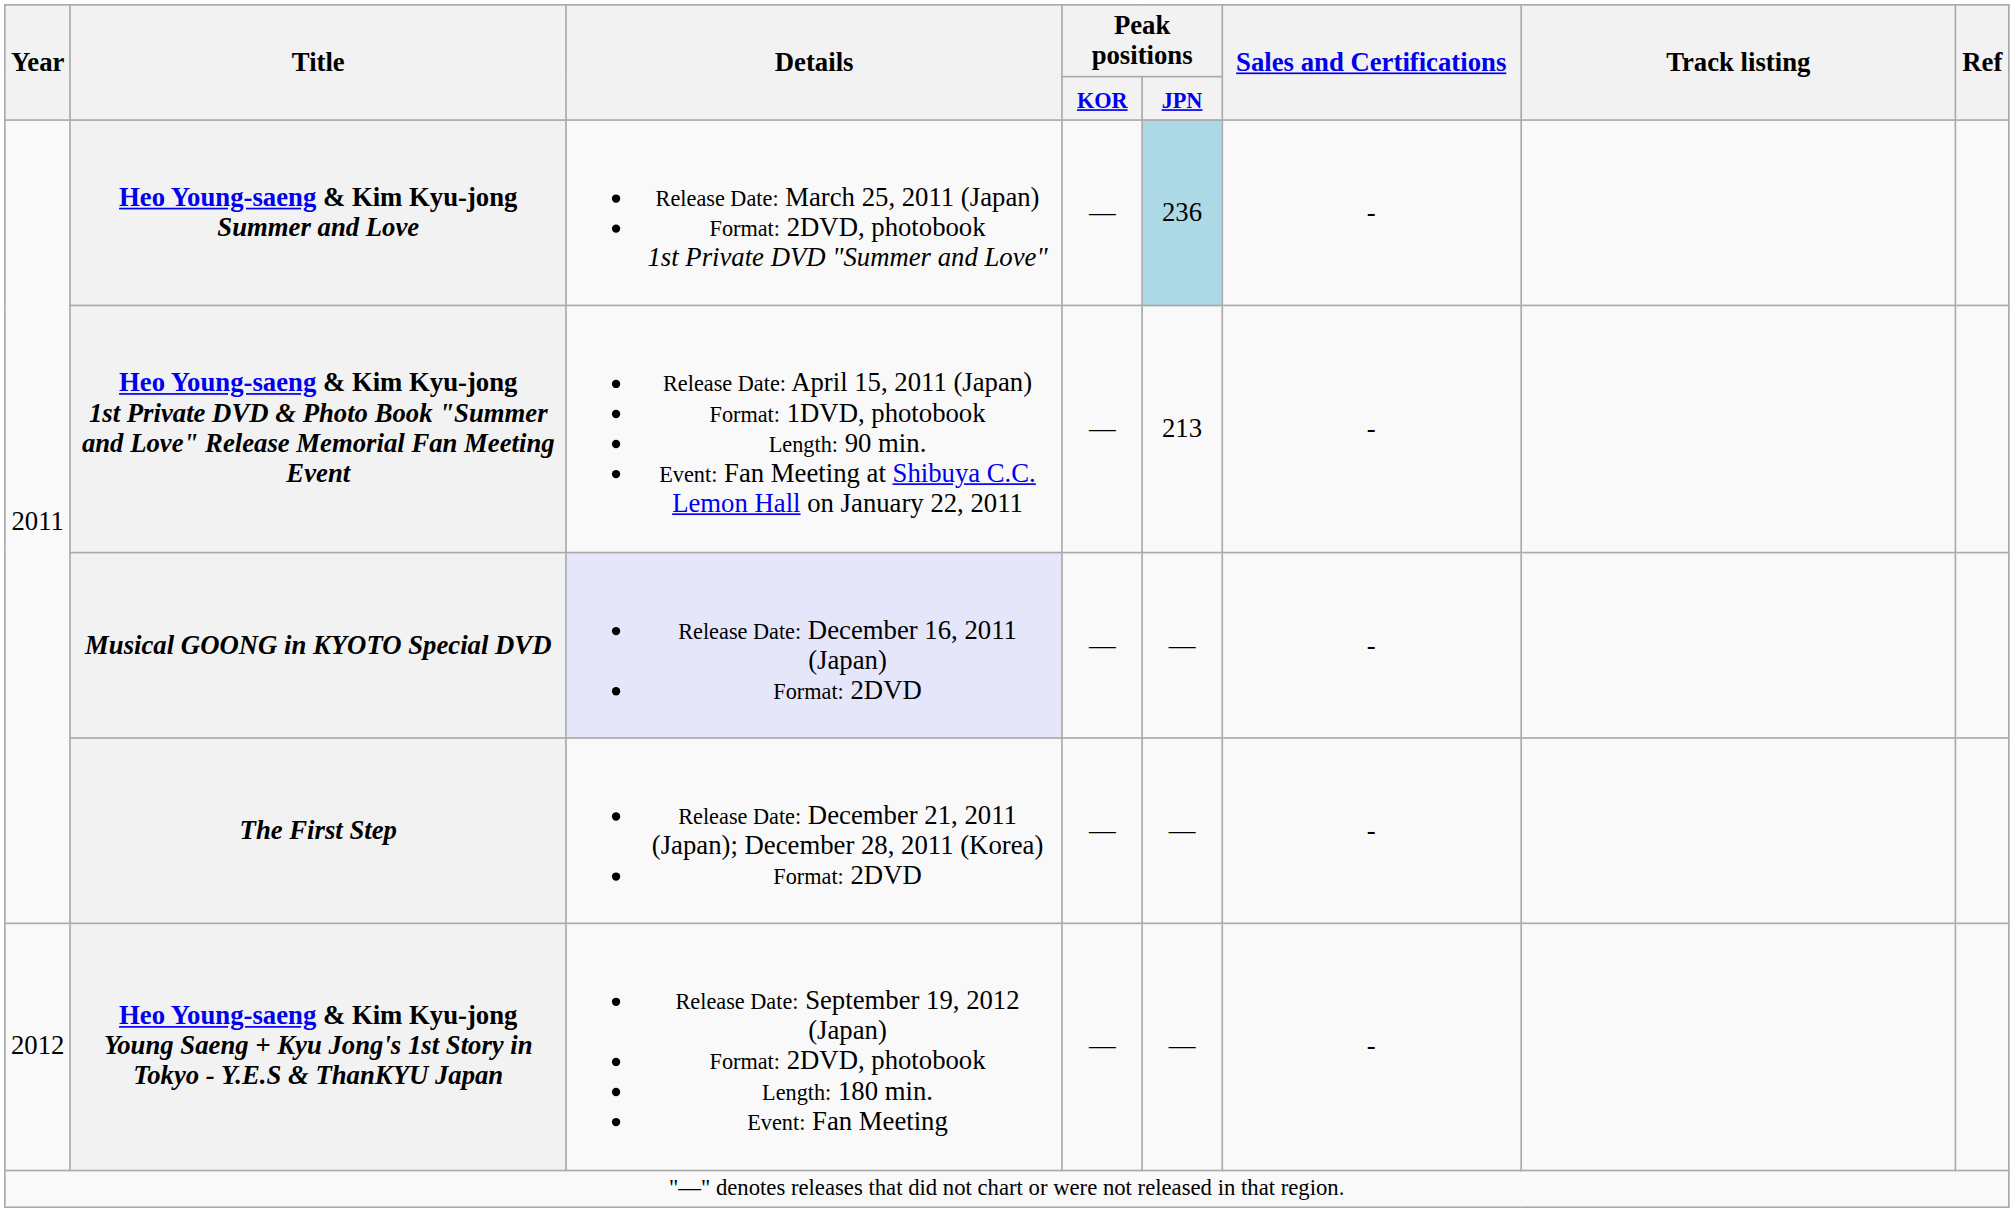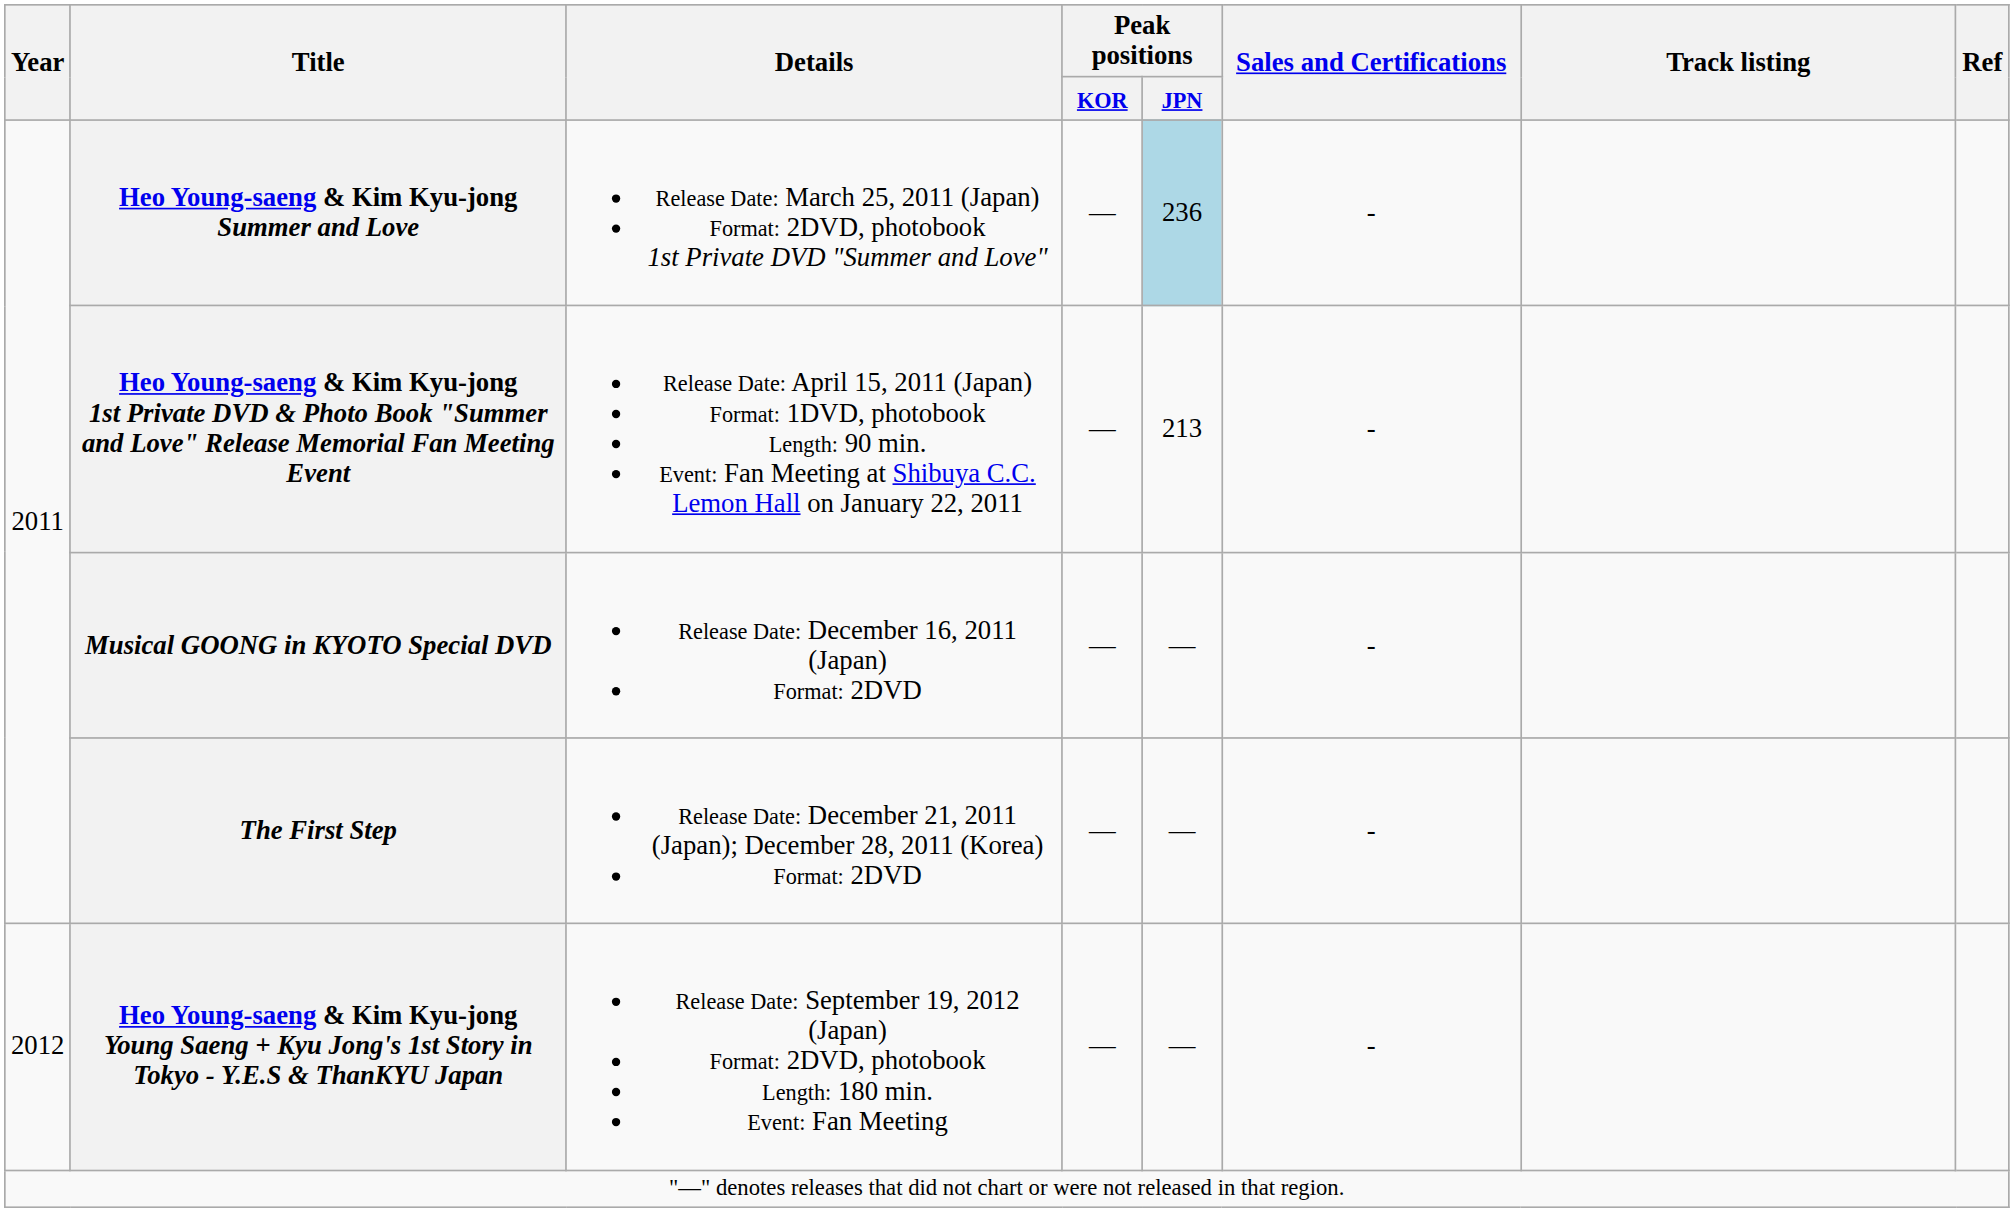 <table class="wikitable plainrowheaders" style="width:95%; text-align:center;">
 <tr>
 <th rowspan=2 width=3%>Year</th>
 <th rowspan="2" width=25%>Title</th>
 <th rowspan="2" width=25%>Details</th>
 <th colspan="2" width=8%>Peak<br>positions</th>
 <th rowspan="2" width=15%><a href='#'>Sales and Certifications</a></th>
 <th rowspan=2 width=22%>Track listing</th>
 <th rowspan=2 width=2%>Ref</th>
 </tr>
 <tr>
 <th style="width:2.5em;"><small><strong><a href='#'>KOR</a></strong><br></small></th>
 <th style="width:2.5em;"><small><strong><a href='#'>JPN</a></strong><br></small></th>
 </tr>
 <tr>
 <td rowspan="4">2011</td>
 <th scope=row><a href='#'>Heo Young-saeng</a> & Kim Kyu-jong <em>Summer and Love</em></th>
 <td><br><ul><li><small>Release Date:</small> March 25, 2011 (Japan)</li><li><small>Format:</small> 2DVD, photobook<br><em>1st Private DVD "Summer and Love"</em></li></ul></td>
 <td>—</td>
 <td style="background: lightblue;">236</td>
 <td>-</td>
 <td></td>
 <td></td>
 </tr>
 <tr>
 <th scope=row><a href='#'>Heo Young-saeng</a> & Kim Kyu-jong<br><em>1st Private DVD & Photo Book "Summer and Love" Release Memorial Fan Meeting Event</em></th>
 <td><br><ul><li><small>Release Date:</small> April 15, 2011 (Japan)</li><li><small>Format:</small> 1DVD, photobook</li><li><small>Length:</small> 90 min.</li><li><small>Event:</small> Fan Meeting at <a href='#'>Shibuya C.C. Lemon Hall</a> on January 22, 2011</li></ul></td>
 <td>—</td>
 <td>213</td>
 <td>-</td>
 <td></td>
 <td></td>
 </tr>
 <tr>
 <th scope=row><em>Musical GOONG in KYOTO Special DVD</em></th>
-<td style="background: lavender;"><br><ul><li><small>Release Date:</small> December 16, 2011 (Japan)</li><li><small>Format:</small> 2DVD</li></ul></td>
+<td><br><ul><li><small>Release Date:</small> December 16, 2011 (Japan)</li><li><small>Format:</small> 2DVD</li></ul></td>
 <td>—</td>
 <td>—</td>
 <td>-</td>
 <td></td>
 <td></td>
 </tr>
 <tr>
 <th scope=row><em>The First Step</em></th>
 <td><br><ul><li><small>Release Date:</small> December 21, 2011 (Japan); December 28, 2011 (Korea)</li><li><small>Format:</small> 2DVD</li></ul></td>
 <td>—</td>
 <td>—</td>
 <td>-</td>
 <td style="font-size: 85%;"></td>
 <td></td>
 </tr>
 <tr>
 <td>2012</td>
 <th scope=row><a href='#'>Heo Young-saeng</a> & Kim Kyu-jong<br><em>Young Saeng + Kyu Jong's 1st Story in Tokyo - Y.E.S & ThanKYU Japan</em></th>
 <td><br><ul><li><small>Release Date:</small> September 19, 2012 (Japan)</li><li><small>Format:</small> 2DVD, photobook</li><li><small>Length:</small> 180 min.</li><li><small>Event:</small> Fan Meeting</li></ul></td>
 <td>—</td>
 <td>—</td>
 <td>-</td>
 <td style="font-size: 85%;"></td>
 <td></td>
 </tr>
 <tr>
 <td colspan="8" style="font-size: 85%;">"—" denotes releases that did not chart or were not released in that region.</td>
 </tr>
 </table>
